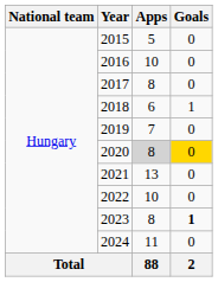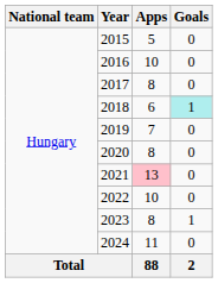 <table class=wikitable style="text-align: center">
 <tr>
 <th>National team</th>
 <th>Year</th>
 <th>Apps</th>
 <th>Goals</th>
 </tr>
 <tr>
 <td rowspan="10"><a href='#'>Hungary</a></td>
 <td>2015</td>
 <td>5</td>
 <td>0</td>
 </tr>
 <tr>
 <td>2016</td>
 <td>10</td>
 <td>0</td>
 </tr>
 <tr>
 <td>2017</td>
 <td>8</td>
 <td>0</td>
 </tr>
 <tr>
 <td>2018</td>
 <td>6</td>
-<td>1</td>
+<td style="background: paleturquoise;">1</td>
 </tr>
 <tr>
 <td>2019</td>
 <td>7</td>
 <td>0</td>
 </tr>
 <tr>
 <td>2020</td>
-<td style="background: lightgrey;">8</td>
-<td style="background: gold;">0</td>
+<td>8</td>
+<td>0</td>
 </tr>
 <tr>
 <td>2021</td>
-<td>13</td>
+<td style="background: pink;">13</td>
 <td>0</td>
 </tr>
 <tr>
 <td>2022</td>
 <td>10</td>
 <td>0</td>
 </tr>
 <tr>
 <td>2023</td>
 <td>8</td>
-<td><strong>1</strong></td>
+<td>1</td>
 </tr>
 <tr>
 <td>2024</td>
 <td>11</td>
 <td>0</td>
 </tr>
 <tr>
 <th colspan="2">Total</th>
 <th>88</th>
 <th>2</th>
 </tr>
 </table>
